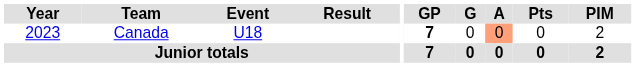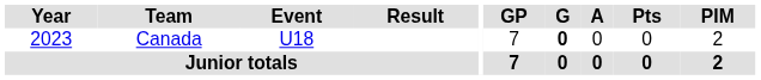 <table border="0" cellpadding="1" cellspacing="0" ID="Table3" style="text-align:center; width:40em">
 <tr bgcolor="#e0e0e0">
 <th>Year</th>
 <th>Team</th>
 <th>Event</th>
 <th>Result</th>
 <th rowspan="99" bgcolor="#ffffff"></th>
 <th>GP</th>
 <th>G</th>
 <th>A</th>
 <th>Pts</th>
 <th>PIM</th>
 </tr>
 <tr>
 <td><a href='#'>2023</a></td>
 <td><a href='#'>Canada</a></td>
 <td><a href='#'>U18</a></td>
 <td></td>
-<td><strong>7</strong></td>
+<td>7</td>
+<td><strong>0</strong></td>
 <td>0</td>
-<td style="background: lightsalmon;">0</td>
 <td>0</td>
 <td>2</td>
 </tr>
 <tr bgcolor="#f0f0f0">
 </tr>
 <tr bgcolor="#e0e0e0">
 <th colspan="4">Junior totals</th>
 <th>7</th>
 <th>0</th>
 <th>0</th>
 <th>0</th>
 <th>2</th>
 </tr>
 </table>
